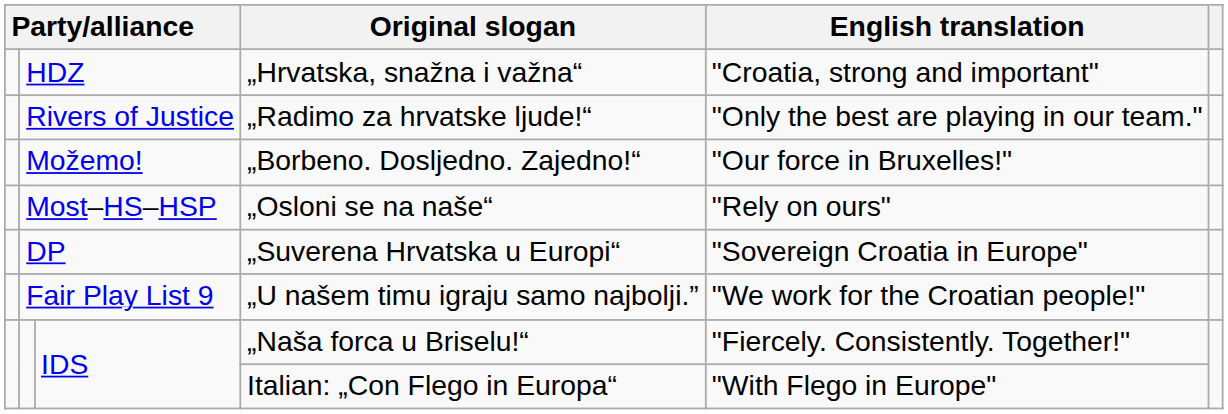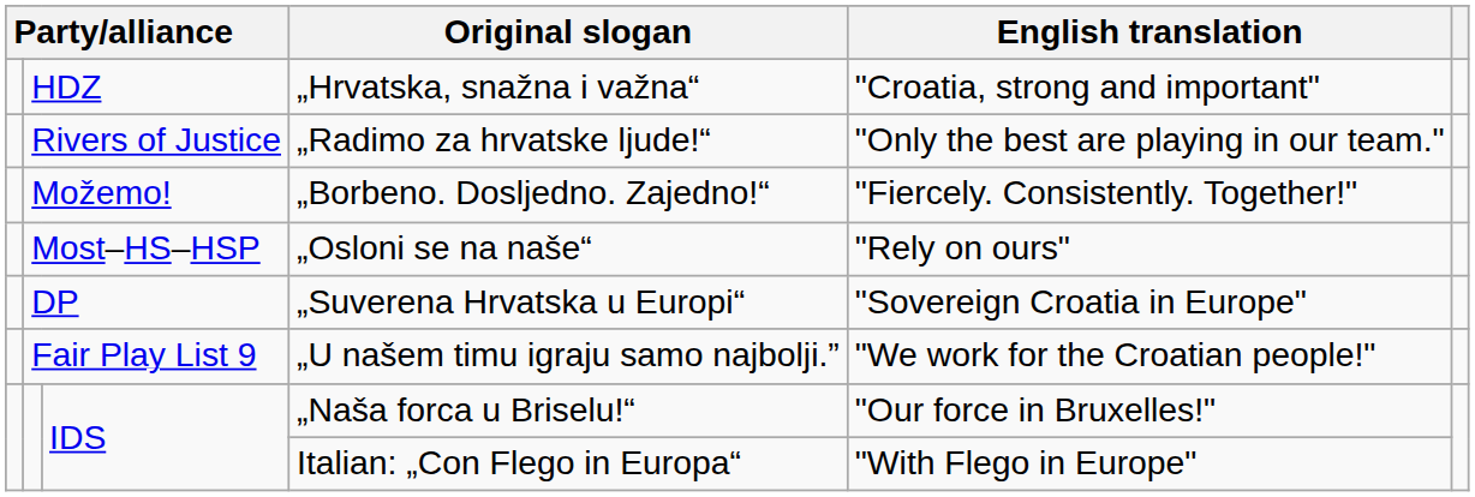 <table class="wikitable" style="text-align:left;">
 <tr>
 <th style="text-align:left;" colspan="3">Party/alliance</th>
 <th>Original slogan</th>
 <th>English translation</th>
 <th></th>
 </tr>
 <tr>
 <td width="1"></td>
 <td colspan="2"><a href='#'>HDZ</a></td>
 <td>„Hrvatska, snažna i važna“</td>
 <td>"Croatia, strong and important"</td>
 <td></td>
 </tr>
 <tr>
 <td></td>
 <td colspan="2"><a href='#'>Rivers of Justice</a></td>
 <td>„Radimo za hrvatske ljude!“</td>
 <td>"Only the best are playing in our team."</td>
 <td></td>
 </tr>
 <tr>
 <td></td>
 <td colspan="2"><a href='#'>Možemo!</a></td>
 <td>„Borbeno. Dosljedno. Zajedno!“</td>
-<td>"Our force in Bruxelles!"</td>
+<td>"Fiercely. Consistently. Together!"</td>
 <td></td>
 </tr>
 <tr>
 <td></td>
 <td colspan="2"><a href='#'>Most</a>–<a href='#'>HS</a>–<a href='#'>HSP</a></td>
 <td>„Osloni se na naše“</td>
 <td>"Rely on ours"</td>
 <td></td>
 </tr>
 <tr>
 <td></td>
 <td colspan="2"><a href='#'>DP</a></td>
 <td>„Suverena Hrvatska u Europi“</td>
 <td>"Sovereign Croatia in Europe"</td>
 <td></td>
 </tr>
 <tr>
 <td></td>
 <td colspan="2"><a href='#'>Fair Play List 9</a></td>
 <td>„U našem timu igraju samo najbolji.”</td>
 <td>"We work for the Croatian people!"</td>
 <td></td>
 </tr>
 <tr>
 <td rowspan="2"></td>
 <td width="1" rowspan="2"></td>
 <td rowspan="2"><a href='#'>IDS</a></td>
 <td>„Naša forca u Briselu!“</td>
-<td>"Fiercely. Consistently. Together!"</td>
+<td>"Our force in Bruxelles!"</td>
 <td rowspan="2"></td>
 </tr>
 <tr>
 <td>Italian: „Con Flego in Europa“</td>
 <td>"With Flego in Europe"</td>
 </tr>
 </table>
